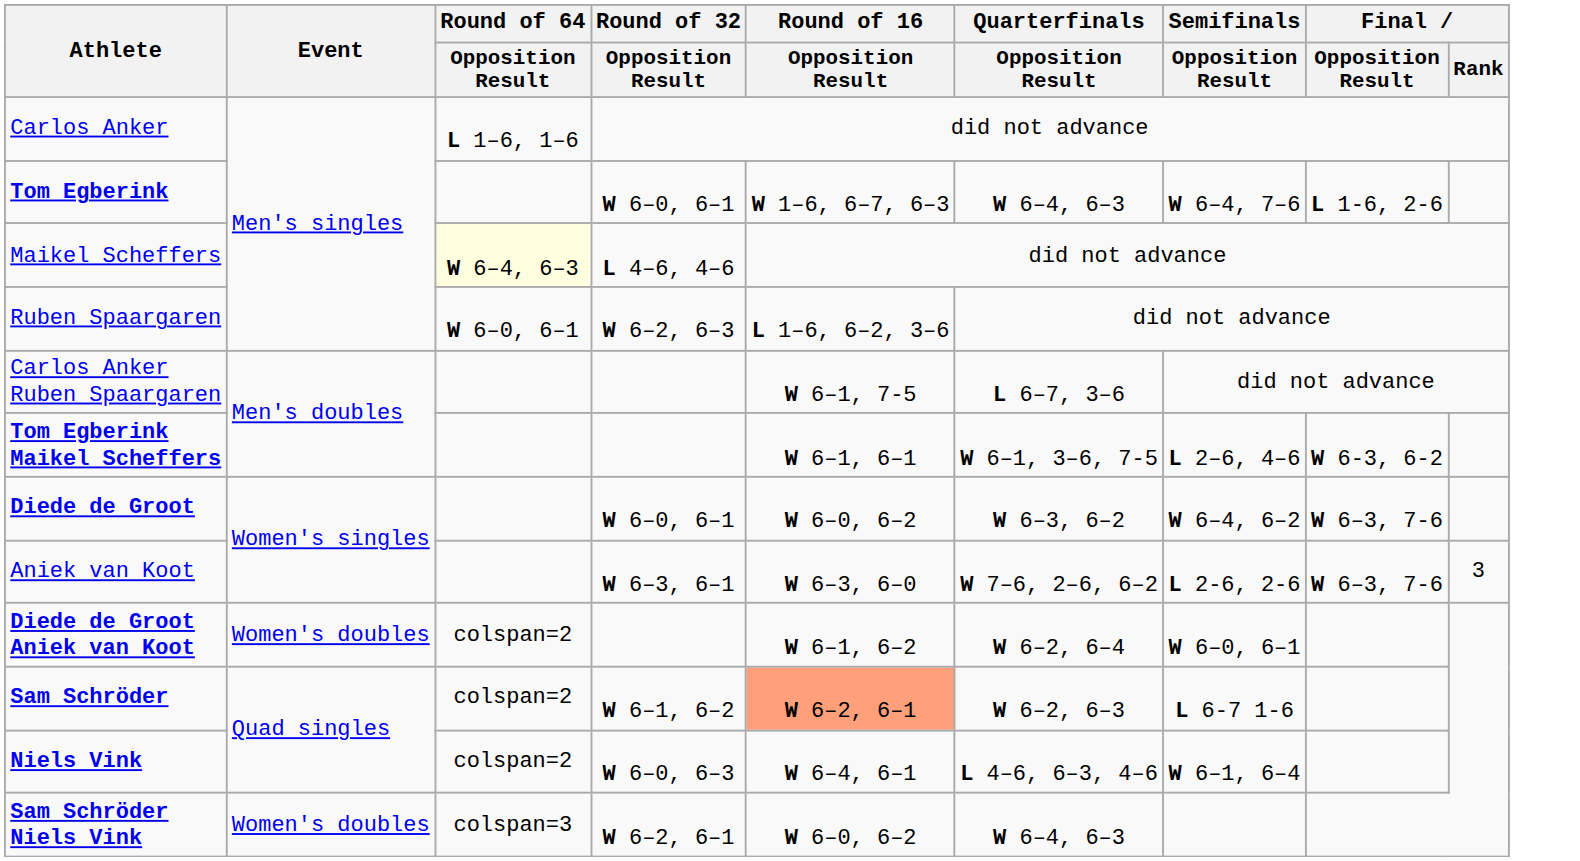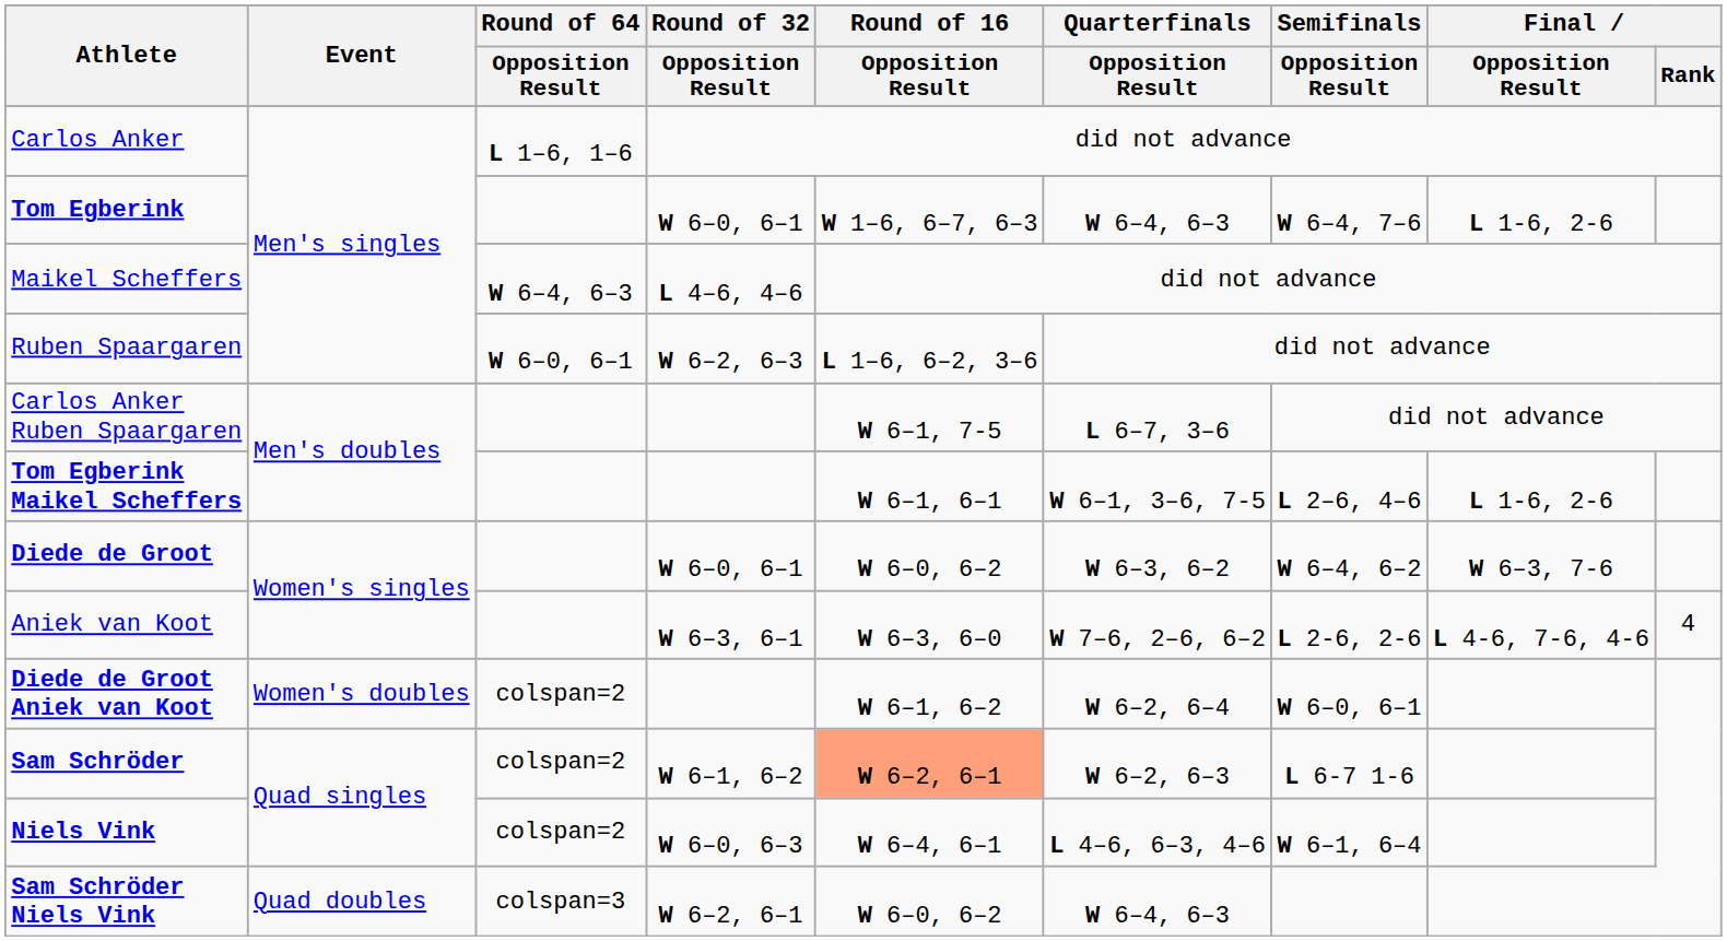 <table class="wikitable" style="font-size:90%;">
 <tr>
 <th rowspan=2>Athlete</th>
 <th rowspan=2>Event</th>
 <th>Round of 64</th>
 <th>Round of 32</th>
 <th>Round of 16</th>
 <th>Quarterfinals</th>
 <th>Semifinals</th>
 <th colspan=2>Final / </th>
 </tr>
 <tr style="font-size:95%">
 <th>Opposition<br>Result</th>
 <th>Opposition<br>Result</th>
 <th>Opposition<br>Result</th>
 <th>Opposition<br>Result</th>
 <th>Opposition<br>Result</th>
 <th>Opposition<br>Result</th>
 <th>Rank</th>
 </tr>
 <tr align=center>
 <td align=left><a href='#'>Carlos Anker</a></td>
 <td rowspan=4 align=left><a href='#'>Men's singles</a></td>
 <td><br><strong>L</strong> 1–6, 1–6</td>
 <td colspan=6>did not advance</td>
 </tr>
 <tr align=center>
 <td align=left><strong><a href='#'>Tom Egberink</a></strong></td>
 <td></td>
 <td><br><strong>W</strong> 6–0, 6–1</td>
 <td><br><strong>W</strong> 1–6, 6–7, 6–3</td>
 <td><br><strong>W</strong> 6–4, 6–3</td>
 <td><br><strong>W</strong> 6–4, 7–6</td>
 <td><br><strong>L</strong> 1-6, 2-6</td>
 <td></td>
 </tr>
 <tr align=center>
 <td align=left><a href='#'>Maikel Scheffers</a></td>
-<td style="background: lightyellow;"><br><strong>W</strong> 6–4, 6–3</td>
+<td><br><strong>W</strong> 6–4, 6–3</td>
 <td><br><strong>L</strong> 4–6, 4–6</td>
 <td colspan=5>did not advance</td>
 </tr>
 <tr align=center>
 <td align=left><a href='#'>Ruben Spaargaren</a></td>
 <td><br><strong>W</strong> 6–0, 6–1</td>
 <td><br><strong>W</strong> 6–2, 6–3</td>
 <td><br><strong>L</strong> 1–6, 6–2, 3–6</td>
 <td colspan=4>did not advance</td>
 </tr>
 <tr align=center>
 <td align=left><a href='#'>Carlos Anker</a><br><a href='#'>Ruben Spaargaren</a></td>
 <td rowspan=2 align=left><a href='#'>Men's doubles</a></td>
 <td></td>
 <td></td>
 <td><br><strong>W</strong> 6–1, 7-5</td>
 <td><br><strong>L</strong> 6–7, 3–6</td>
 <td colspan=3>did not advance</td>
 </tr>
 <tr align=center>
 <td align=left><strong><a href='#'>Tom Egberink</a><br><a href='#'>Maikel Scheffers</a></strong></td>
 <td></td>
 <td></td>
 <td><br><strong>W</strong> 6–1, 6–1</td>
 <td><br><strong>W</strong> 6–1, 3–6, 7-5</td>
 <td><br><strong>L</strong> 2–6, 4–6</td>
-<td><br><strong>W</strong> 6-3, 6-2</td>
+<td><br><strong>L</strong> 1-6, 2-6</td>
 <td></td>
 </tr>
 <tr align=center>
 <td align=left><strong><a href='#'>Diede de Groot</a></strong></td>
 <td rowspan=2 align=left><a href='#'>Women's singles</a></td>
 <td></td>
 <td><br><strong>W</strong> 6–0, 6–1</td>
 <td><br><strong>W</strong> 6–0, 6–2</td>
 <td><br><strong>W</strong> 6–3, 6–2</td>
 <td><br><strong>W</strong> 6–4, 6–2</td>
 <td><br><strong>W</strong> 6–3, 7-6</td>
 <td></td>
 </tr>
 <tr align=center>
 <td align=left><a href='#'>Aniek van Koot</a></td>
 <td></td>
 <td><br><strong>W</strong> 6–3, 6–1</td>
 <td><br><strong>W</strong> 6–3, 6–0</td>
 <td><br><strong>W</strong> 7–6, 2–6, 6–2</td>
 <td><br><strong>L</strong> 2-6, 2-6</td>
-<td><br><strong>W</strong> 6–3, 7-6</td>
-<td>3</td>
+<td><br><strong>L</strong> 4-6, 7-6, 4-6</td>
+<td>4</td>
 </tr>
 <tr align=center>
 <td align=left><strong><a href='#'>Diede de Groot</a><br><a href='#'>Aniek van Koot</a></strong></td>
 <td align=left><a href='#'>Women's doubles</a></td>
 <td>colspan=2 </td>
 <td></td>
 <td><br><strong>W</strong> 6–1, 6–2</td>
 <td><br><strong>W</strong> 6–2, 6–4</td>
 <td><br><strong>W</strong> 6–0, 6–1</td>
 <td></td>
 </tr>
 <tr align=center>
 <td align=left><strong><a href='#'>Sam Schröder</a></strong></td>
 <td rowspan=2 align=left><a href='#'>Quad singles</a></td>
 <td>colspan=2 </td>
 <td><br><strong>W</strong> 6–1, 6–2</td>
 <td style="background: lightsalmon;"><br><strong>W</strong> 6–2, 6–1</td>
 <td><br><strong>W</strong> 6–2, 6–3</td>
 <td><br><strong>L</strong> 6-7 1-6</td>
 <td></td>
 </tr>
 <tr align=center>
 <td align=left><strong><a href='#'>Niels Vink</a></strong></td>
 <td>colspan=2 </td>
 <td><br><strong>W</strong> 6–0, 6–3</td>
 <td><br><strong>W</strong> 6–4, 6–1</td>
 <td><br><strong>L</strong> 4–6, 6–3, 4–6</td>
 <td><br><strong>W</strong> 6–1, 6–4</td>
 <td></td>
 </tr>
 <tr align=center>
 <td align=left><strong><a href='#'>Sam Schröder</a><br><a href='#'>Niels Vink</a></strong></td>
-<td align=left><a href='#'>Women's doubles</a></td>
+<td align=left><a href='#'>Quad doubles</a></td>
 <td>colspan=3 </td>
 <td><br><strong>W</strong> 6–2, 6–1</td>
 <td><br><strong>W</strong> 6–0, 6–2</td>
 <td><br><strong>W</strong> 6–4, 6–3</td>
 <td></td>
 </tr>
 </table>
